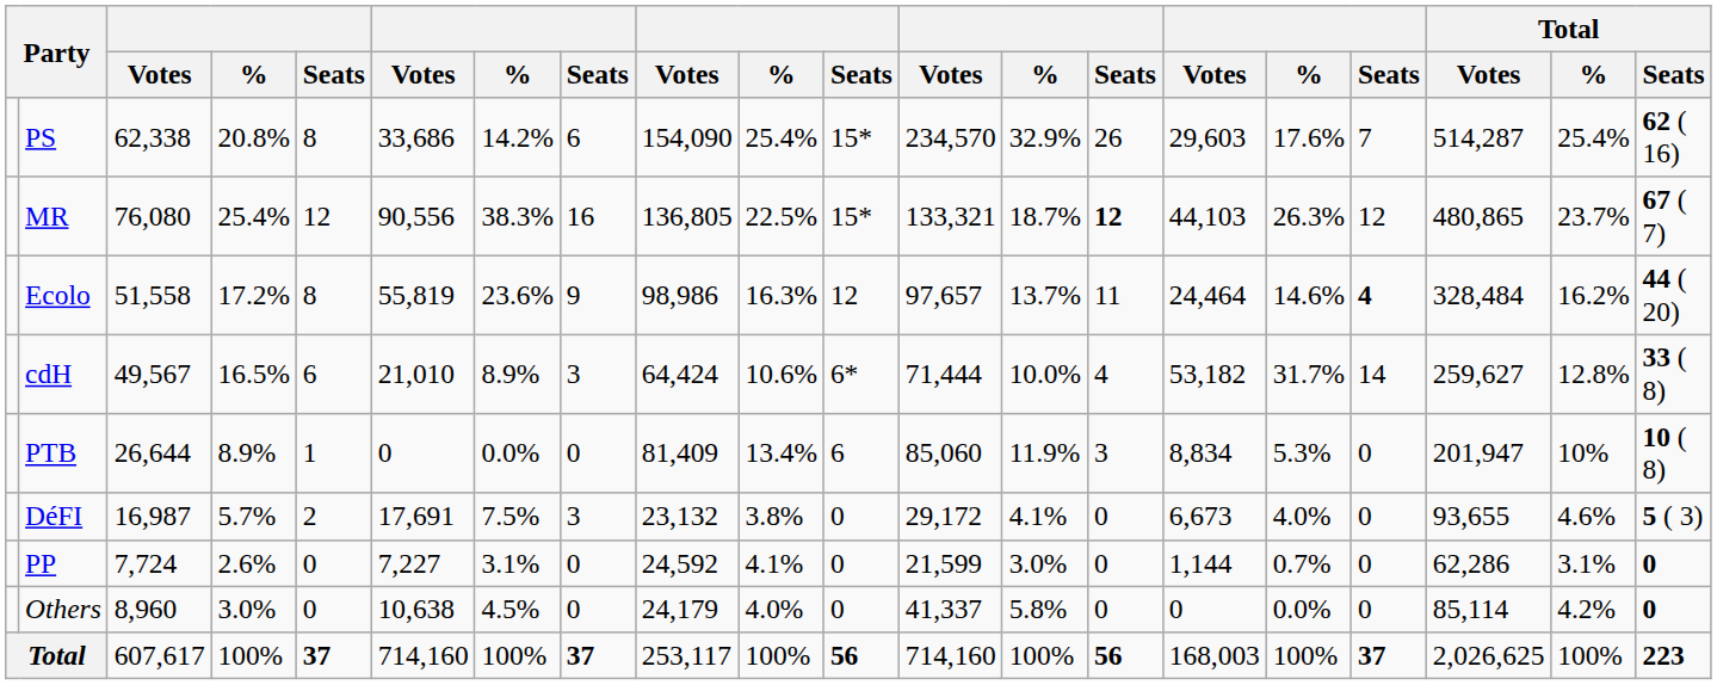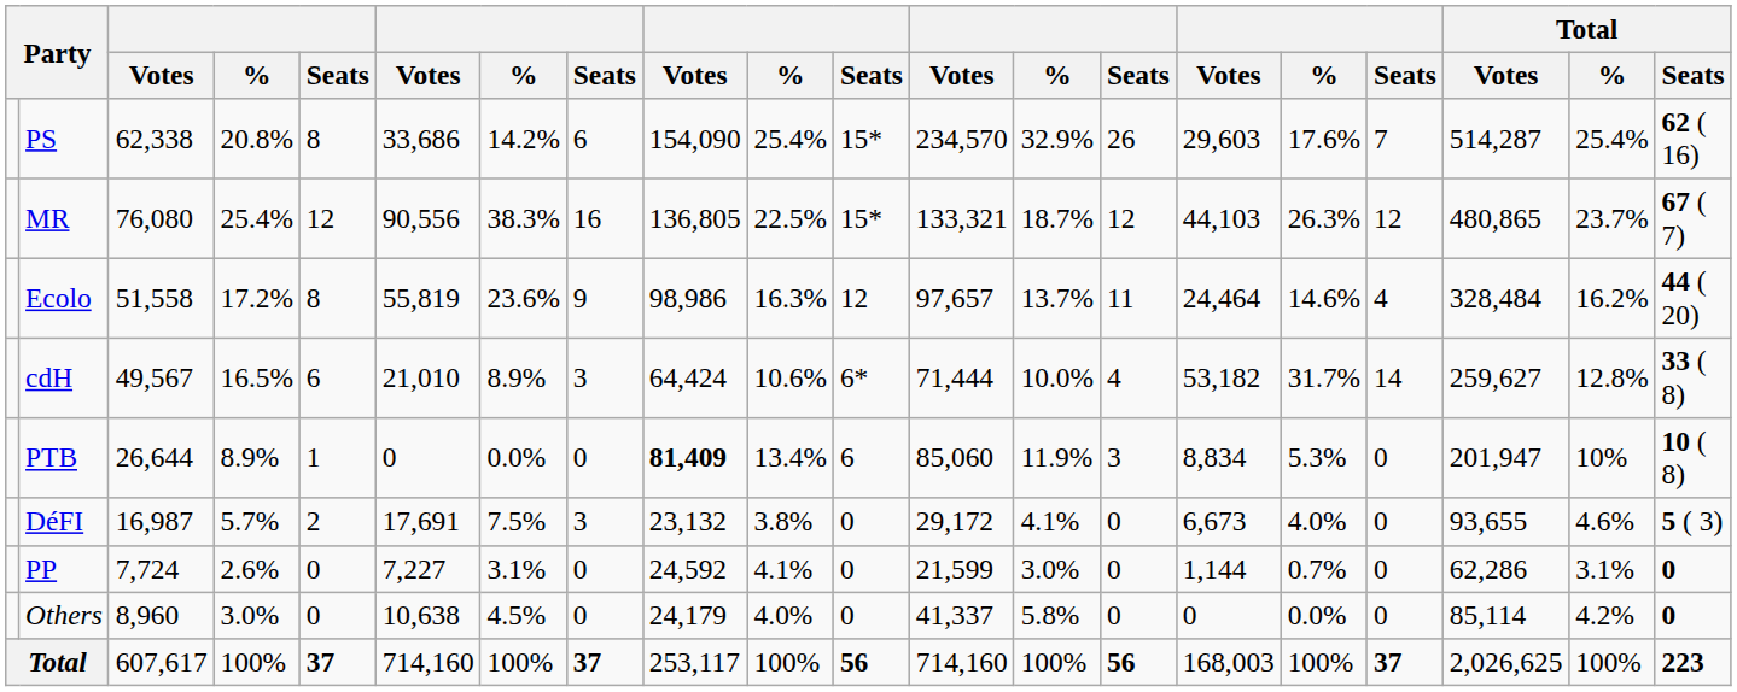 <table class="wikitable sortable" style="font-size:95%;">
 <tr>
 <th style="width:14%;" colspan="2" rowspan="2">Party</th>
 <th style="width:14%;" colspan="3"></th>
 <th style="width:14%;" colspan="3"></th>
 <th style="width:14%;" colspan="3"></th>
 <th style="width:14%;" colspan="3"></th>
 <th style="width:14%;" colspan="3"></th>
 <th style="width:15%;" colspan="3">Total</th>
 </tr>
 <tr>
 <th>Votes</th>
 <th>%</th>
 <th>Seats</th>
 <th>Votes</th>
 <th>%</th>
 <th>Seats</th>
 <th>Votes</th>
 <th>%</th>
 <th>Seats</th>
 <th>Votes</th>
 <th>%</th>
 <th>Seats</th>
 <th>Votes</th>
 <th>%</th>
 <th>Seats</th>
 <th>Votes</th>
 <th>%</th>
 <th>Seats</th>
 </tr>
 <tr>
 <td style="background-color: "></td>
 <td><a href='#'>PS</a></td>
 <td>62,338</td>
 <td>20.8%</td>
 <td>8</td>
 <td>33,686</td>
 <td>14.2%</td>
 <td>6</td>
 <td>154,090</td>
 <td>25.4%</td>
 <td>15*</td>
 <td>234,570</td>
 <td>32.9%</td>
 <td>26</td>
 <td>29,603</td>
 <td>17.6%</td>
 <td>7</td>
 <td>514,287</td>
 <td>25.4%</td>
 <td><strong>62</strong> ( 16)</td>
 </tr>
 <tr>
 <td style="background-color: "></td>
 <td><a href='#'>MR</a></td>
 <td>76,080</td>
 <td>25.4%</td>
 <td>12</td>
 <td>90,556</td>
 <td>38.3%</td>
 <td>16</td>
 <td>136,805</td>
 <td>22.5%</td>
 <td>15*</td>
 <td>133,321</td>
 <td>18.7%</td>
-<td><strong>12</strong></td>
+<td>12</td>
 <td>44,103</td>
 <td>26.3%</td>
 <td>12</td>
 <td>480,865</td>
 <td>23.7%</td>
 <td><strong>67</strong> ( 7)</td>
 </tr>
 <tr>
 <td style="background-color: "></td>
 <td><a href='#'>Ecolo</a></td>
 <td>51,558</td>
 <td>17.2%</td>
 <td>8</td>
 <td>55,819</td>
 <td>23.6%</td>
 <td>9</td>
 <td>98,986</td>
 <td>16.3%</td>
 <td>12</td>
 <td>97,657</td>
 <td>13.7%</td>
 <td>11</td>
 <td>24,464</td>
 <td>14.6%</td>
-<td><strong>4</strong></td>
+<td>4</td>
 <td>328,484</td>
 <td>16.2%</td>
 <td><strong>44</strong> ( 20)</td>
 </tr>
 <tr>
 <td style="background-color: "></td>
 <td><a href='#'>cdH</a></td>
 <td>49,567</td>
 <td>16.5%</td>
 <td>6</td>
 <td>21,010</td>
 <td>8.9%</td>
 <td>3</td>
 <td>64,424</td>
 <td>10.6%</td>
 <td>6*</td>
 <td>71,444</td>
 <td>10.0%</td>
 <td>4</td>
 <td>53,182</td>
 <td>31.7%</td>
 <td>14</td>
 <td>259,627</td>
 <td>12.8%</td>
 <td><strong>33</strong> ( 8)</td>
 </tr>
 <tr>
 <td style="background-color: "></td>
 <td><a href='#'>PTB</a></td>
 <td>26,644</td>
 <td>8.9%</td>
 <td>1</td>
 <td>0</td>
 <td>0.0%</td>
 <td>0</td>
-<td>81,409</td>
+<td><strong>81,409</strong></td>
 <td>13.4%</td>
 <td>6</td>
 <td>85,060</td>
 <td>11.9%</td>
 <td>3</td>
 <td>8,834</td>
 <td>5.3%</td>
 <td>0</td>
 <td>201,947</td>
 <td>10%</td>
 <td><strong>10</strong> ( 8)</td>
 </tr>
 <tr>
 <td style="background-color: "></td>
 <td><a href='#'>DéFI</a></td>
 <td>16,987</td>
 <td>5.7%</td>
 <td>2</td>
 <td>17,691</td>
 <td>7.5%</td>
 <td>3</td>
 <td>23,132</td>
 <td>3.8%</td>
 <td>0</td>
 <td>29,172</td>
 <td>4.1%</td>
 <td>0</td>
 <td>6,673</td>
 <td>4.0%</td>
 <td>0</td>
 <td>93,655</td>
 <td>4.6%</td>
 <td><strong>5</strong> ( 3)</td>
 </tr>
 <tr>
 <td style="background-color: "></td>
 <td><a href='#'>PP</a></td>
 <td>7,724</td>
 <td>2.6%</td>
 <td>0</td>
 <td>7,227</td>
 <td>3.1%</td>
 <td>0</td>
 <td>24,592</td>
 <td>4.1%</td>
 <td>0</td>
 <td>21,599</td>
 <td>3.0%</td>
 <td>0</td>
 <td>1,144</td>
 <td>0.7%</td>
 <td>0</td>
 <td>62,286</td>
 <td>3.1%</td>
 <td><strong>0</strong></td>
 </tr>
 <tr>
 <td></td>
 <td><em>Others</em></td>
 <td>8,960</td>
 <td>3.0%</td>
 <td>0</td>
 <td>10,638</td>
 <td>4.5%</td>
 <td>0</td>
 <td>24,179</td>
 <td>4.0%</td>
 <td>0</td>
 <td>41,337</td>
 <td>5.8%</td>
 <td>0</td>
 <td>0</td>
 <td>0.0%</td>
 <td>0</td>
 <td>85,114</td>
 <td>4.2%</td>
 <td><strong>0</strong></td>
 </tr>
 <tr>
 <th colspan="2"><em>Total</em></th>
 <td>607,617</td>
 <td>100%</td>
 <td><strong>37</strong></td>
 <td>714,160</td>
 <td>100%</td>
 <td><strong>37</strong></td>
 <td>253,117</td>
 <td>100%</td>
 <td><strong>56</strong></td>
 <td>714,160</td>
 <td>100%</td>
 <td><strong>56</strong></td>
 <td>168,003</td>
 <td>100%</td>
 <td><strong>37</strong></td>
 <td>2,026,625</td>
 <td>100%</td>
 <td><strong>223</strong></td>
 </tr>
 </table>
